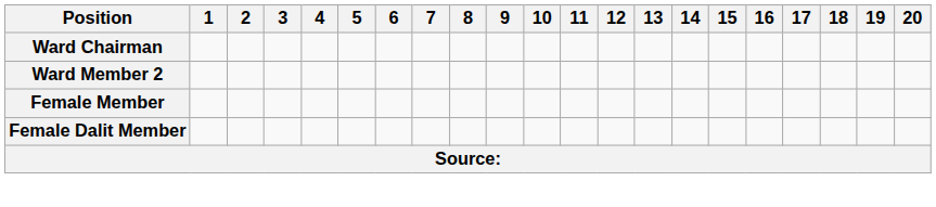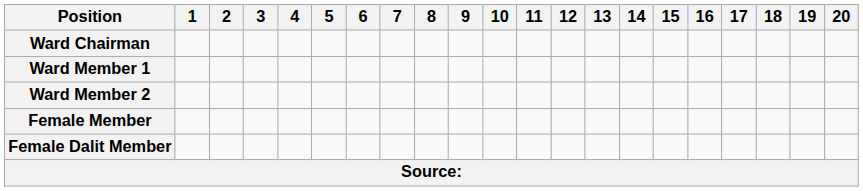 <table class="wikitable">
 <tr>
 <th width="20%">Position</th>
 <th width="4%">1</th>
 <th width="4%">2</th>
 <th width="4%">3</th>
 <th width="4%">4</th>
 <th width="4%">5</th>
 <th width="4%">6</th>
 <th width="4%">7</th>
 <th width="4%">8</th>
 <th width="4%">9</th>
 <th width="4%">10</th>
 <th width="4%">11</th>
 <th width="4%">12</th>
 <th width="4%">13</th>
 <th width="4%">14</th>
 <th width="4%">15</th>
 <th width="4%">16</th>
 <th width="4%">17</th>
 <th width="4%">18</th>
 <th width="4%">19</th>
 <th width="4%">20</th>
 </tr>
 <tr>
 <th>Ward Chairman</th>
+<td style="background-color:"></td>
+<td style="background-color:"></td>
+<td style="background-color:"></td>
+<td style="background-color:"></td>
+<td style="background-color:"></td>
+<td style="background-color:"></td>
+<td style="background-color:"></td>
+<td style="background-color:"></td>
+<td style="background-color:"></td>
+<td style="background-color:"></td>
+<td style="background-color:"></td>
+<td style="background-color:"></td>
+<td style="background-color:"></td>
+<td style="background-color:"></td>
+<td style="background-color:"></td>
+<td style="background-color:"></td>
+<td style="background-color:"></td>
+<td style="background-color:"></td>
+<td style="background-color:"></td>
+<td style="background-color:"></td>
+</tr>
+<tr>
+<th>Ward Member 1</th>
 <td style="background-color:"></td>
 <td style="background-color:"></td>
 <td style="background-color:"></td>
 <td style="background-color:"></td>
 <td style="background-color:"></td>
 <td style="background-color:"></td>
 <td style="background-color:"></td>
 <td style="background-color:"></td>
 <td style="background-color:"></td>
 <td style="background-color:"></td>
 <td style="background-color:"></td>
 <td style="background-color:"></td>
 <td style="background-color:"></td>
 <td style="background-color:"></td>
 <td style="background-color:"></td>
 <td style="background-color:"></td>
 <td style="background-color:"></td>
 <td style="background-color:"></td>
 <td style="background-color:"></td>
 <td style="background-color:"></td>
 </tr>
 <tr>
 <th>Ward Member 2</th>
 <td style="background-color:"></td>
 <td style="background-color:"></td>
 <td style="background-color:"></td>
 <td style="background-color:"></td>
 <td style="background-color:"></td>
 <td style="background-color:"></td>
 <td style="background-color:"></td>
 <td style="background-color:"></td>
 <td style="background-color:"></td>
 <td style="background-color:"></td>
 <td style="background-color:"></td>
 <td style="background-color:"></td>
 <td style="background-color:"></td>
 <td style="background-color:"></td>
 <td style="background-color:"></td>
 <td style="background-color:"></td>
 <td style="background-color:"></td>
 <td style="background-color:"></td>
 <td style="background-color:"></td>
 <td style="background-color:"></td>
 </tr>
 <tr>
 <th>Female Member</th>
 <td style="background-color:"></td>
 <td style="background-color:"></td>
 <td style="background-color:"></td>
 <td style="background-color:"></td>
 <td style="background-color:"></td>
 <td style="background-color:"></td>
 <td style="background-color:"></td>
 <td style="background-color:"></td>
 <td style="background-color:"></td>
 <td style="background-color:"></td>
 <td style="background-color:"></td>
 <td style="background-color:"></td>
 <td style="background-color:"></td>
 <td style="background-color:"></td>
 <td style="background-color:"></td>
 <td style="background-color:"></td>
 <td style="background-color:"></td>
 <td style="background-color:"></td>
 <td style="background-color:"></td>
 <td style="background-color:"></td>
 </tr>
 <tr>
 <th>Female Dalit Member</th>
 <td style="background-color:"></td>
 <td style="background-color:"></td>
 <td style="background-color:"></td>
 <td style="background-color:"></td>
 <td style="background-color:"></td>
 <td style="background-color:"></td>
 <td style="background-color:"></td>
 <td style="background-color:"></td>
 <td style="background-color:"></td>
 <td style="background-color:"></td>
 <td style="background-color:"></td>
 <td style="background-color:"></td>
 <td style="background-color:"></td>
 <td style="background-color:"></td>
 <td style="background-color:"></td>
 <td style="background-color:"></td>
 <td style="background-color:"></td>
 <td style="background-color:"></td>
 <td style="background-color:"></td>
 <td style="background-color:"></td>
 </tr>
 <tr>
 <th colspan="21">Source: </th>
 </tr>
 </table>
